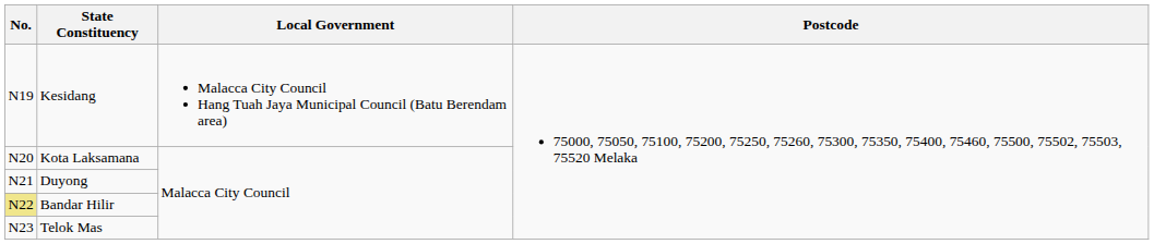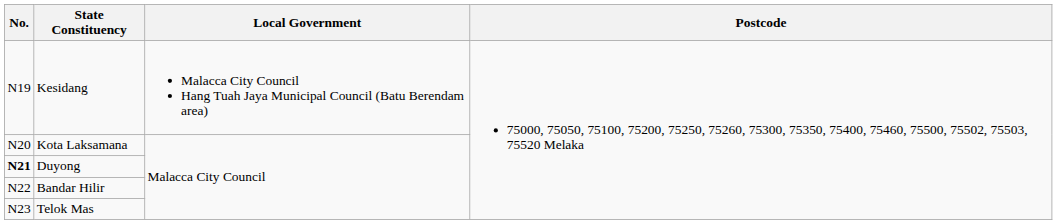 <table class="wikitable">
 <tr>
 <th>No.</th>
 <th>State Constituency</th>
 <th>Local Government</th>
 <th>Postcode</th>
 </tr>
 <tr>
 <td>N19</td>
 <td>Kesidang</td>
 <td><br><ul><li>Malacca City Council</li><li>Hang Tuah Jaya Municipal Council (Batu Berendam area)</li></ul></td>
 <td rowspan="5"><br><ul><li>75000, 75050, 75100, 75200, 75250, 75260, 75300, 75350, 75400, 75460, 75500, 75502, 75503, 75520 Melaka</li></ul></td>
 </tr>
 <tr>
 <td>N20</td>
 <td>Kota Laksamana</td>
 <td rowspan="4">Malacca City Council</td>
 </tr>
 <tr>
-<td>N21</td>
+<td><strong>N21</strong></td>
 <td>Duyong</td>
 </tr>
 <tr>
-<td style="background: khaki;">N22</td>
+<td>N22</td>
 <td>Bandar Hilir</td>
 </tr>
 <tr>
 <td>N23</td>
 <td>Telok Mas</td>
 </tr>
 </table>
